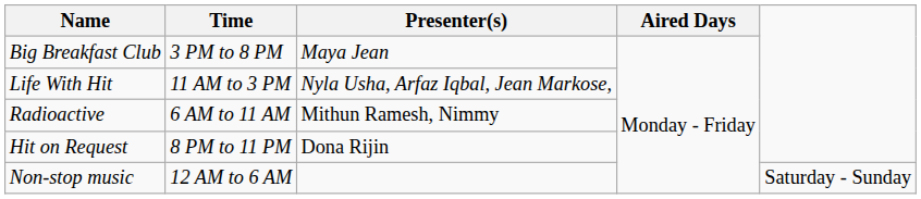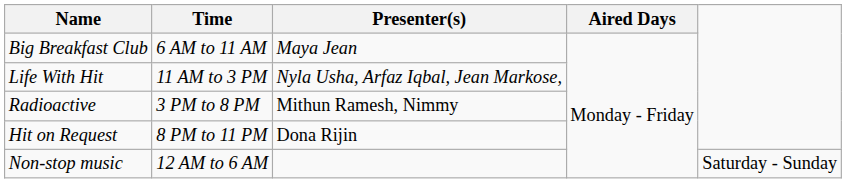 <table class="wikitable sortable">
 <tr>
 <th>Name</th>
 <th>Time</th>
 <th>Presenter(s)</th>
 <th>Aired Days</th>
 </tr>
 <tr>
 <td><em>Big Breakfast Club</em></td>
-<td><em>3 PM to 8 PM</em></td>
+<td><em>6 AM to 11 AM</em></td>
 <td><em>Maya Jean</em></td>
 <td rowspan ="5"><br>Monday - Friday</td>
 </tr>
 <tr>
 <td><em>Life With Hit</em></td>
 <td><em>11 AM to 3 PM</em></td>
 <td><em>Nyla Usha, Arfaz Iqbal, Jean Markose, </em></td>
 </tr>
 <tr>
 <td><em>Radioactive</em></td>
-<td><em>6 AM to 11 AM</em></td>
+<td><em>3 PM to 8 PM</em></td>
 <td>Mithun Ramesh, Nimmy</td>
 </tr>
 <tr>
 <td><em>Hit on Request</em></td>
 <td><em>8 PM to 11 PM</em></td>
 <td>Dona Rijin</td>
 </tr>
 <tr>
 <td><em>Non-stop music</em></td>
 <td><em>12 AM to 6 AM</em></td>
 <td></td>
 <td>Saturday - Sunday </td>
 </tr>
 </table>
